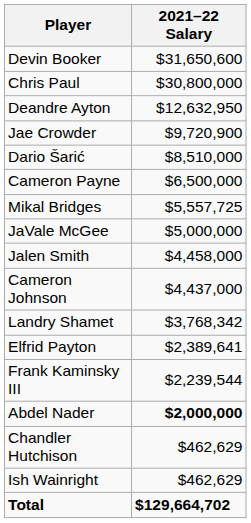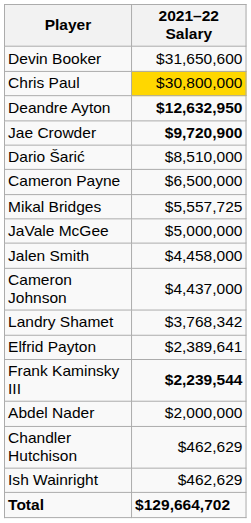 <table style="width:250px;" class="wikitable sortable sortable">
 <tr>
 <th style=>Player</th>
 <th style=>2021–22 Salary</th>
 </tr>
 <tr>
 <td>Devin Booker</td>
 <td style="text-align:right;">$31,650,600</td>
 </tr>
 <tr>
 <td>Chris Paul</td>
-<td style="text-align:right;">$30,800,000</td>
+<td style="background: gold; text-align:right;">$30,800,000</td>
 </tr>
 <tr>
 <td>Deandre Ayton</td>
-<td style="text-align:right;">$12,632,950</td>
+<td style="text-align:right;"><strong>$12,632,950</strong></td>
 </tr>
 <tr>
 <td>Jae Crowder</td>
-<td style="text-align:right;">$9,720,900</td>
+<td style="text-align:right;"><strong>$9,720,900</strong></td>
 </tr>
 <tr>
 <td>Dario Šarić</td>
 <td style="text-align:right;">$8,510,000</td>
 </tr>
 <tr>
 <td>Cameron Payne</td>
 <td style="text-align:right;">$6,500,000</td>
 </tr>
 <tr>
 <td>Mikal Bridges</td>
 <td style="text-align:right;">$5,557,725</td>
 </tr>
 <tr>
 <td>JaVale McGee</td>
 <td style="text-align:right;">$5,000,000</td>
 </tr>
 <tr>
 <td>Jalen Smith</td>
 <td style="text-align:right;">$4,458,000</td>
 </tr>
 <tr>
 <td>Cameron Johnson</td>
 <td style="text-align:right;">$4,437,000</td>
 </tr>
 <tr>
 <td>Landry Shamet</td>
 <td style="text-align:right;">$3,768,342</td>
 </tr>
 <tr>
 <td>Elfrid Payton</td>
 <td style="text-align:right;">$2,389,641</td>
 </tr>
 <tr>
 <td>Frank Kaminsky III</td>
-<td style="text-align:right;">$2,239,544</td>
+<td style="text-align:right;"><strong>$2,239,544</strong></td>
 </tr>
 <tr>
 <td>Abdel Nader</td>
-<td style="text-align:right;"><strong>$2,000,000</strong></td>
+<td style="text-align:right;">$2,000,000</td>
 </tr>
 <tr>
 <td>Chandler Hutchison</td>
 <td style="text-align:right;">$462,629</td>
 </tr>
 <tr>
 <td>Ish Wainright</td>
 <td style="text-align:right;">$462,629</td>
 </tr>
 <tr class="sortbottom">
 <td style=><strong>Total</strong></td>
 <td style=><strong>$129,664,702</strong></td>
 </tr>
 </table>
